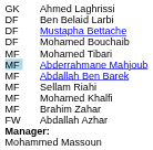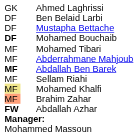 <table cellspacing="0" cellpadding="0" style="font-size:90%; margin:0.2em auto;">
 <tr>
 <th width="25"></th>
 <th width="25"></th>
 </tr>
 <tr>
 <td>GK</td>
 <td><strong> </strong></td>
 <td>Ahmed Laghrissi</td>
 </tr>
 <tr>
 <td>DF</td>
 <td><strong> </strong></td>
 <td>Ben Belaid Larbi</td>
 </tr>
 <tr>
 <td>DF</td>
 <td><strong> </strong></td>
 <td><a href='#'>Mustapha Bettache</a></td>
 </tr>
 <tr>
-<td>DF</td>
+<td><strong>DF</strong></td>
 <td><strong> </strong></td>
 <td>Mohamed Bouchaib</td>
 </tr>
 <tr>
 <td>MF</td>
 <td><strong> </strong></td>
 <td>Mohamed Tibari</td>
 </tr>
 <tr>
-<td style="background: lightblue;">MF</td>
+<td>MF</td>
 <td><strong> </strong></td>
 <td><a href='#'>Abderrahmane Mahjoub</a></td>
 </tr>
 <tr>
-<td>MF</td>
+<td><strong>MF</strong></td>
 <td><strong> </strong></td>
 <td><a href='#'>Abdallah Ben Barek</a></td>
 </tr>
 <tr>
 <td>MF</td>
 <td><strong> </strong></td>
 <td>Sellam Riahi</td>
 </tr>
 <tr>
-<td>MF</td>
+<td style="background: khaki;">MF</td>
 <td><strong> </strong></td>
 <td>Mohamed Khalfi</td>
 </tr>
 <tr>
-<td>MF</td>
+<td style="background: lightsalmon;">MF</td>
 <td><strong> </strong></td>
 <td>Brahim Zahar</td>
 </tr>
 <tr>
-<td>FW</td>
+<td><strong>FW</strong></td>
 <td><strong> </strong></td>
 <td>Abdallah Azhar</td>
 </tr>
 <tr>
 <td colspan=3><strong>Manager:</strong></td>
 </tr>
 <tr>
 <td colspan=4>Mohammed Massoun</td>
 </tr>
 </table>
